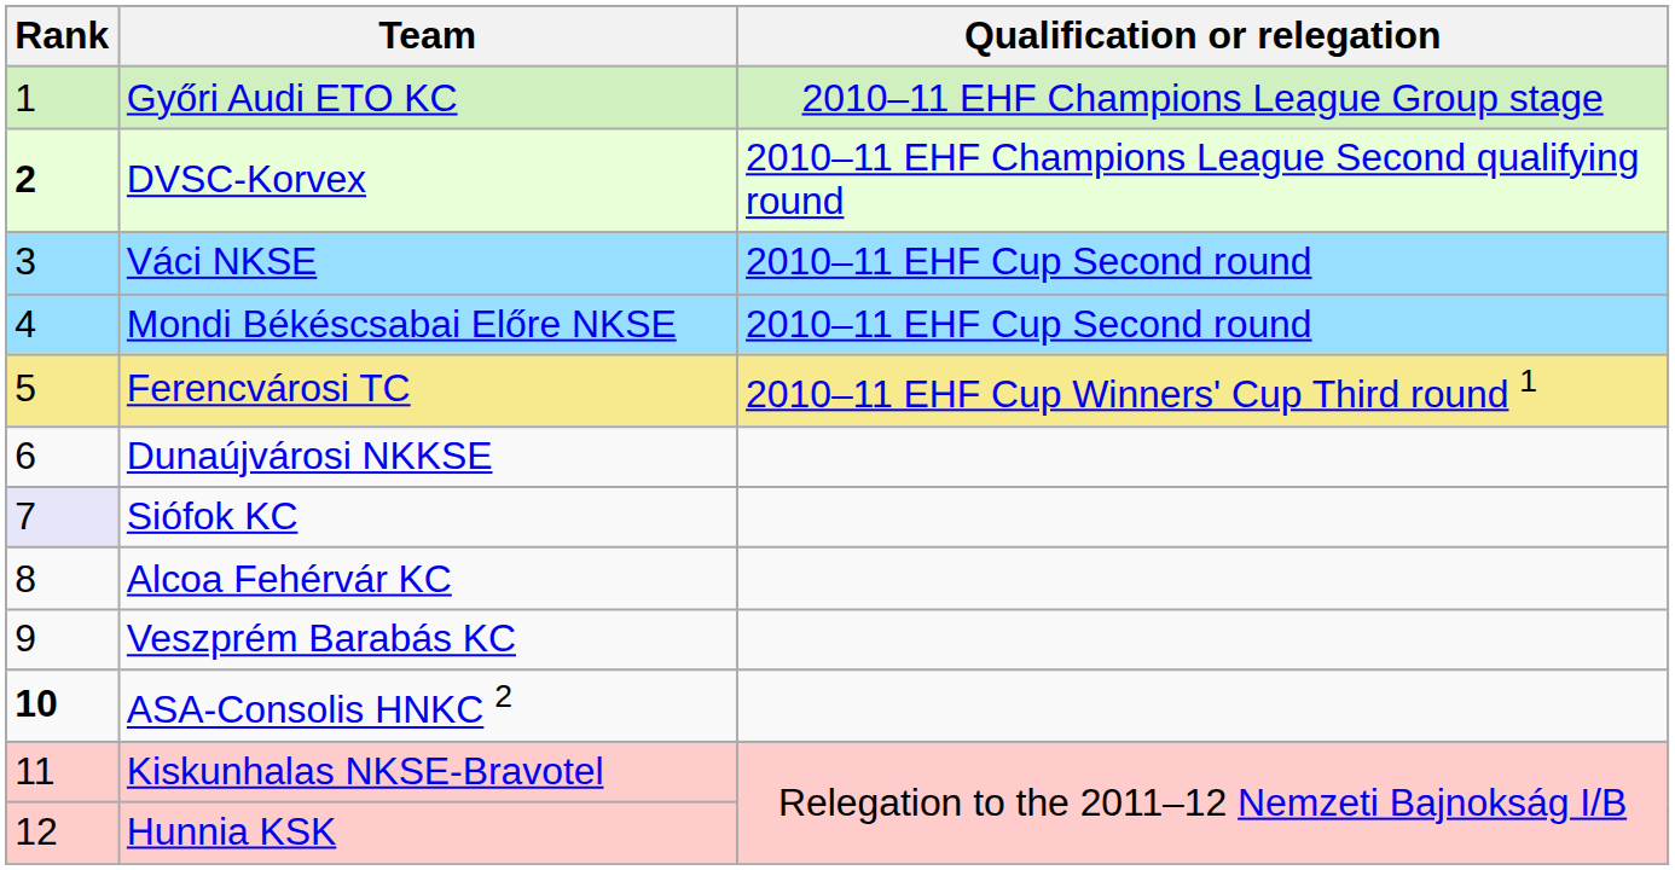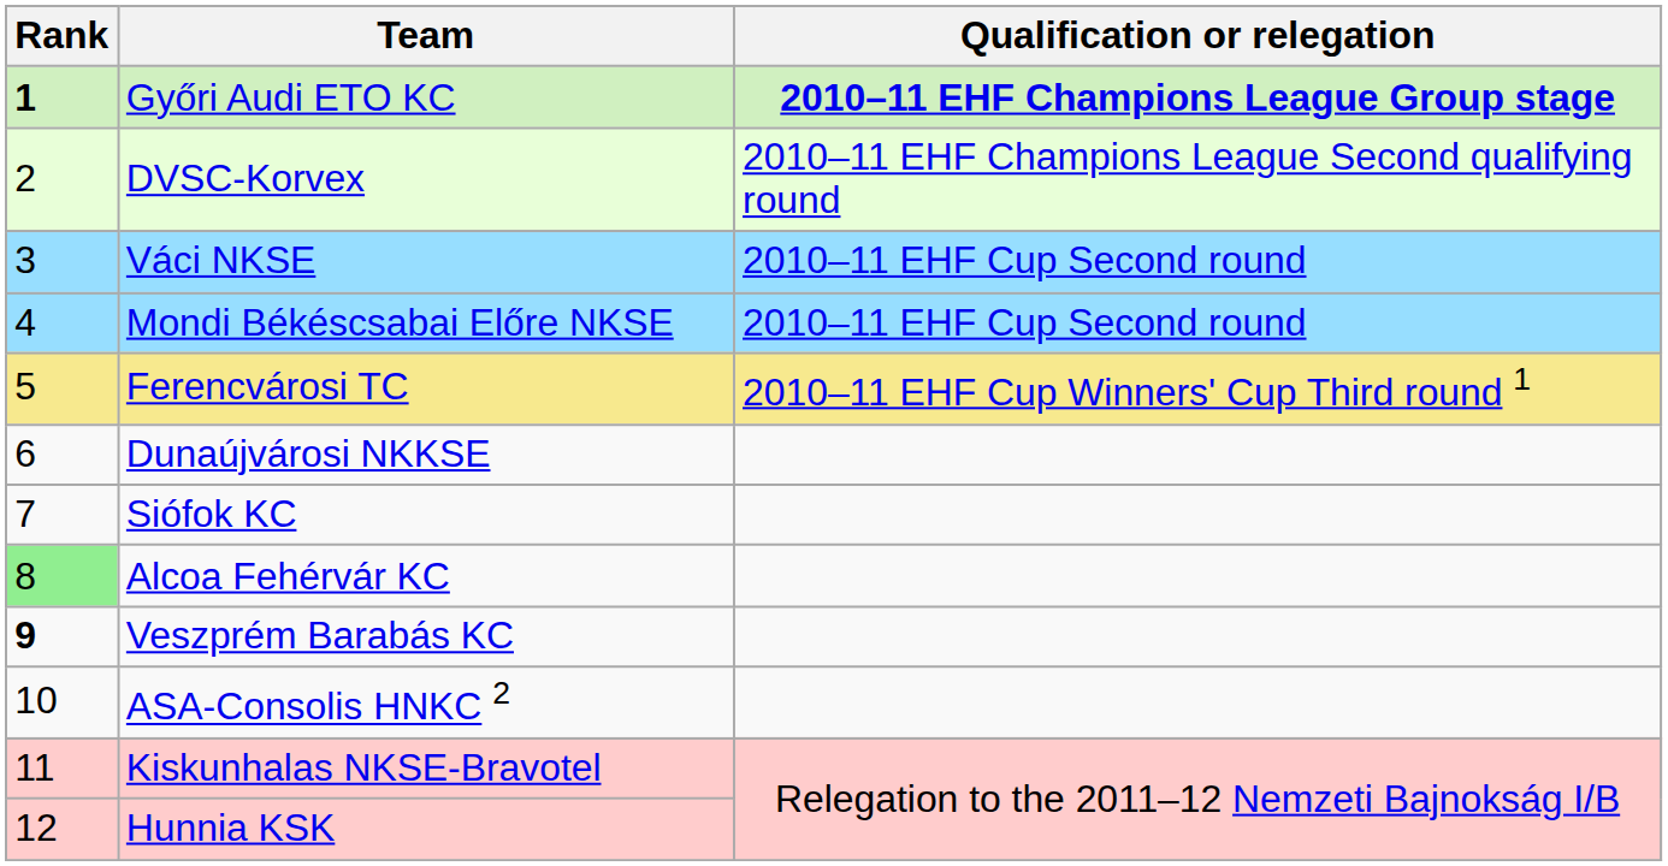 <table class="wikitable">
 <tr>
 <th>Rank</th>
 <th>Team</th>
 <th>Qualification or relegation</th>
 </tr>
 <tr bgcolor=#D0F0C0>
-<td>1</td>
+<td><strong>1</strong></td>
 <td width=250 align="left" bgcolor=#D0F0C0><a href='#'>Győri Audi ETO KC</a></td>
-<td width=380 align="center" bgcolor=#D0F0C0><a href='#'>2010–11 EHF Champions League Group stage</a></td>
+<td width=380 align="center" bgcolor=#D0F0C0><strong><a href='#'>2010–11 EHF Champions League Group stage</a></strong></td>
 </tr>
 <tr bgcolor=#E8FFD8>
-<td><strong>2</strong></td>
+<td>2</td>
 <td><a href='#'>DVSC-Korvex</a></td>
 <td><a href='#'>2010–11 EHF Champions League Second qualifying round</a></td>
 </tr>
 <tr bgcolor=#97DEFF>
 <td>3</td>
 <td><a href='#'>Váci NKSE</a></td>
 <td><a href='#'>2010–11 EHF Cup Second round</a></td>
 </tr>
 <tr bgcolor=#97DEFF>
 <td>4</td>
 <td><a href='#'>Mondi Békéscsabai Előre NKSE</a></td>
 <td><a href='#'>2010–11 EHF Cup Second round</a></td>
 </tr>
 <tr bgcolor=#F7E98E>
 <td>5</td>
 <td><a href='#'>Ferencvárosi TC</a></td>
 <td><a href='#'>2010–11 EHF Cup Winners' Cup Third round</a> <sup>1</sup></td>
 </tr>
 <tr>
 <td>6</td>
 <td><a href='#'>Dunaújvárosi NKKSE</a></td>
 <td></td>
 </tr>
 <tr>
-<td style="background: lavender;">7</td>
+<td>7</td>
 <td><a href='#'>Siófok KC</a></td>
 <td></td>
 </tr>
 <tr>
-<td>8</td>
+<td style="background: lightgreen;">8</td>
 <td><a href='#'>Alcoa Fehérvár KC</a></td>
 <td></td>
 </tr>
 <tr>
-<td>9</td>
+<td><strong>9</strong></td>
 <td><a href='#'>Veszprém Barabás KC</a></td>
 <td></td>
 </tr>
 <tr>
-<td><strong>10</strong></td>
+<td>10</td>
 <td><a href='#'>ASA-Consolis HNKC</a> <sup>2</sup></td>
 <td></td>
 </tr>
 <tr bgcolor=#FFCCCC>
 <td>11</td>
 <td><a href='#'>Kiskunhalas NKSE-Bravotel</a></td>
 <td rowspan="2" align="center" bgcolor=#FFCCCC>Relegation to the 2011–12 <a href='#'>Nemzeti Bajnokság I/B</a></td>
 </tr>
 <tr bgcolor=#FFCCCC>
 <td>12</td>
 <td><a href='#'>Hunnia KSK</a></td>
 </tr>
 <tr>
 </tr>
 </table>
